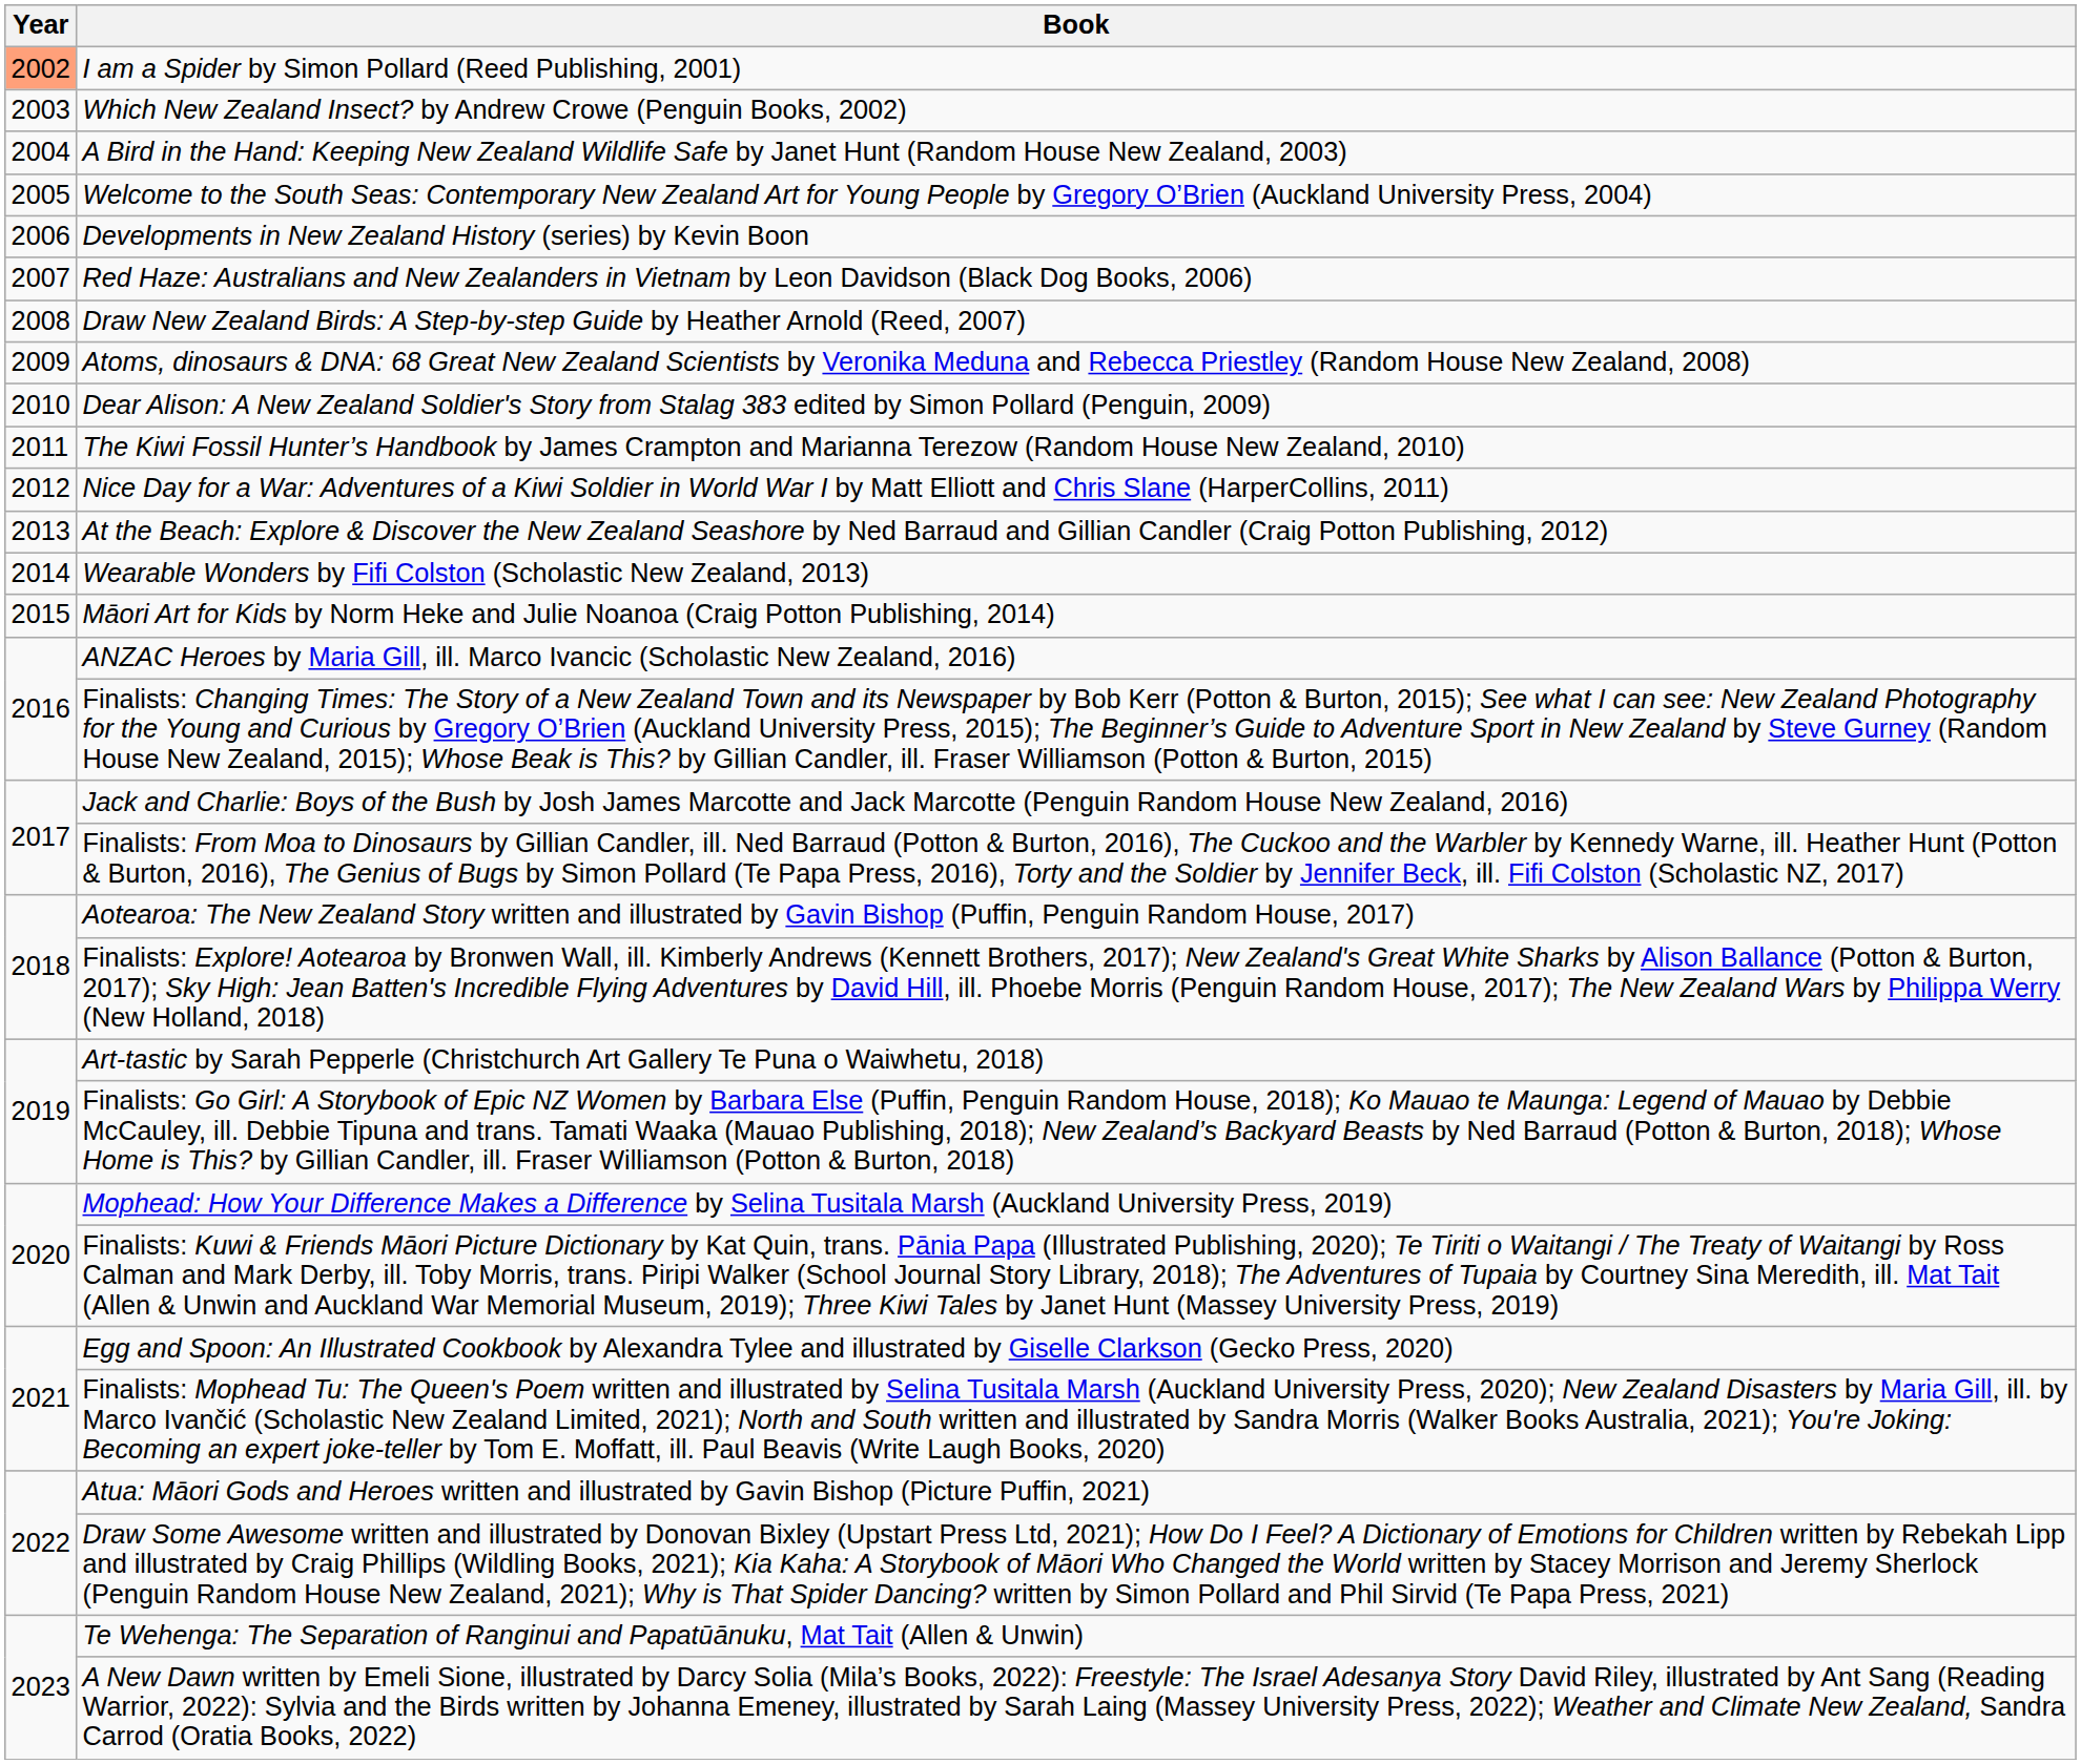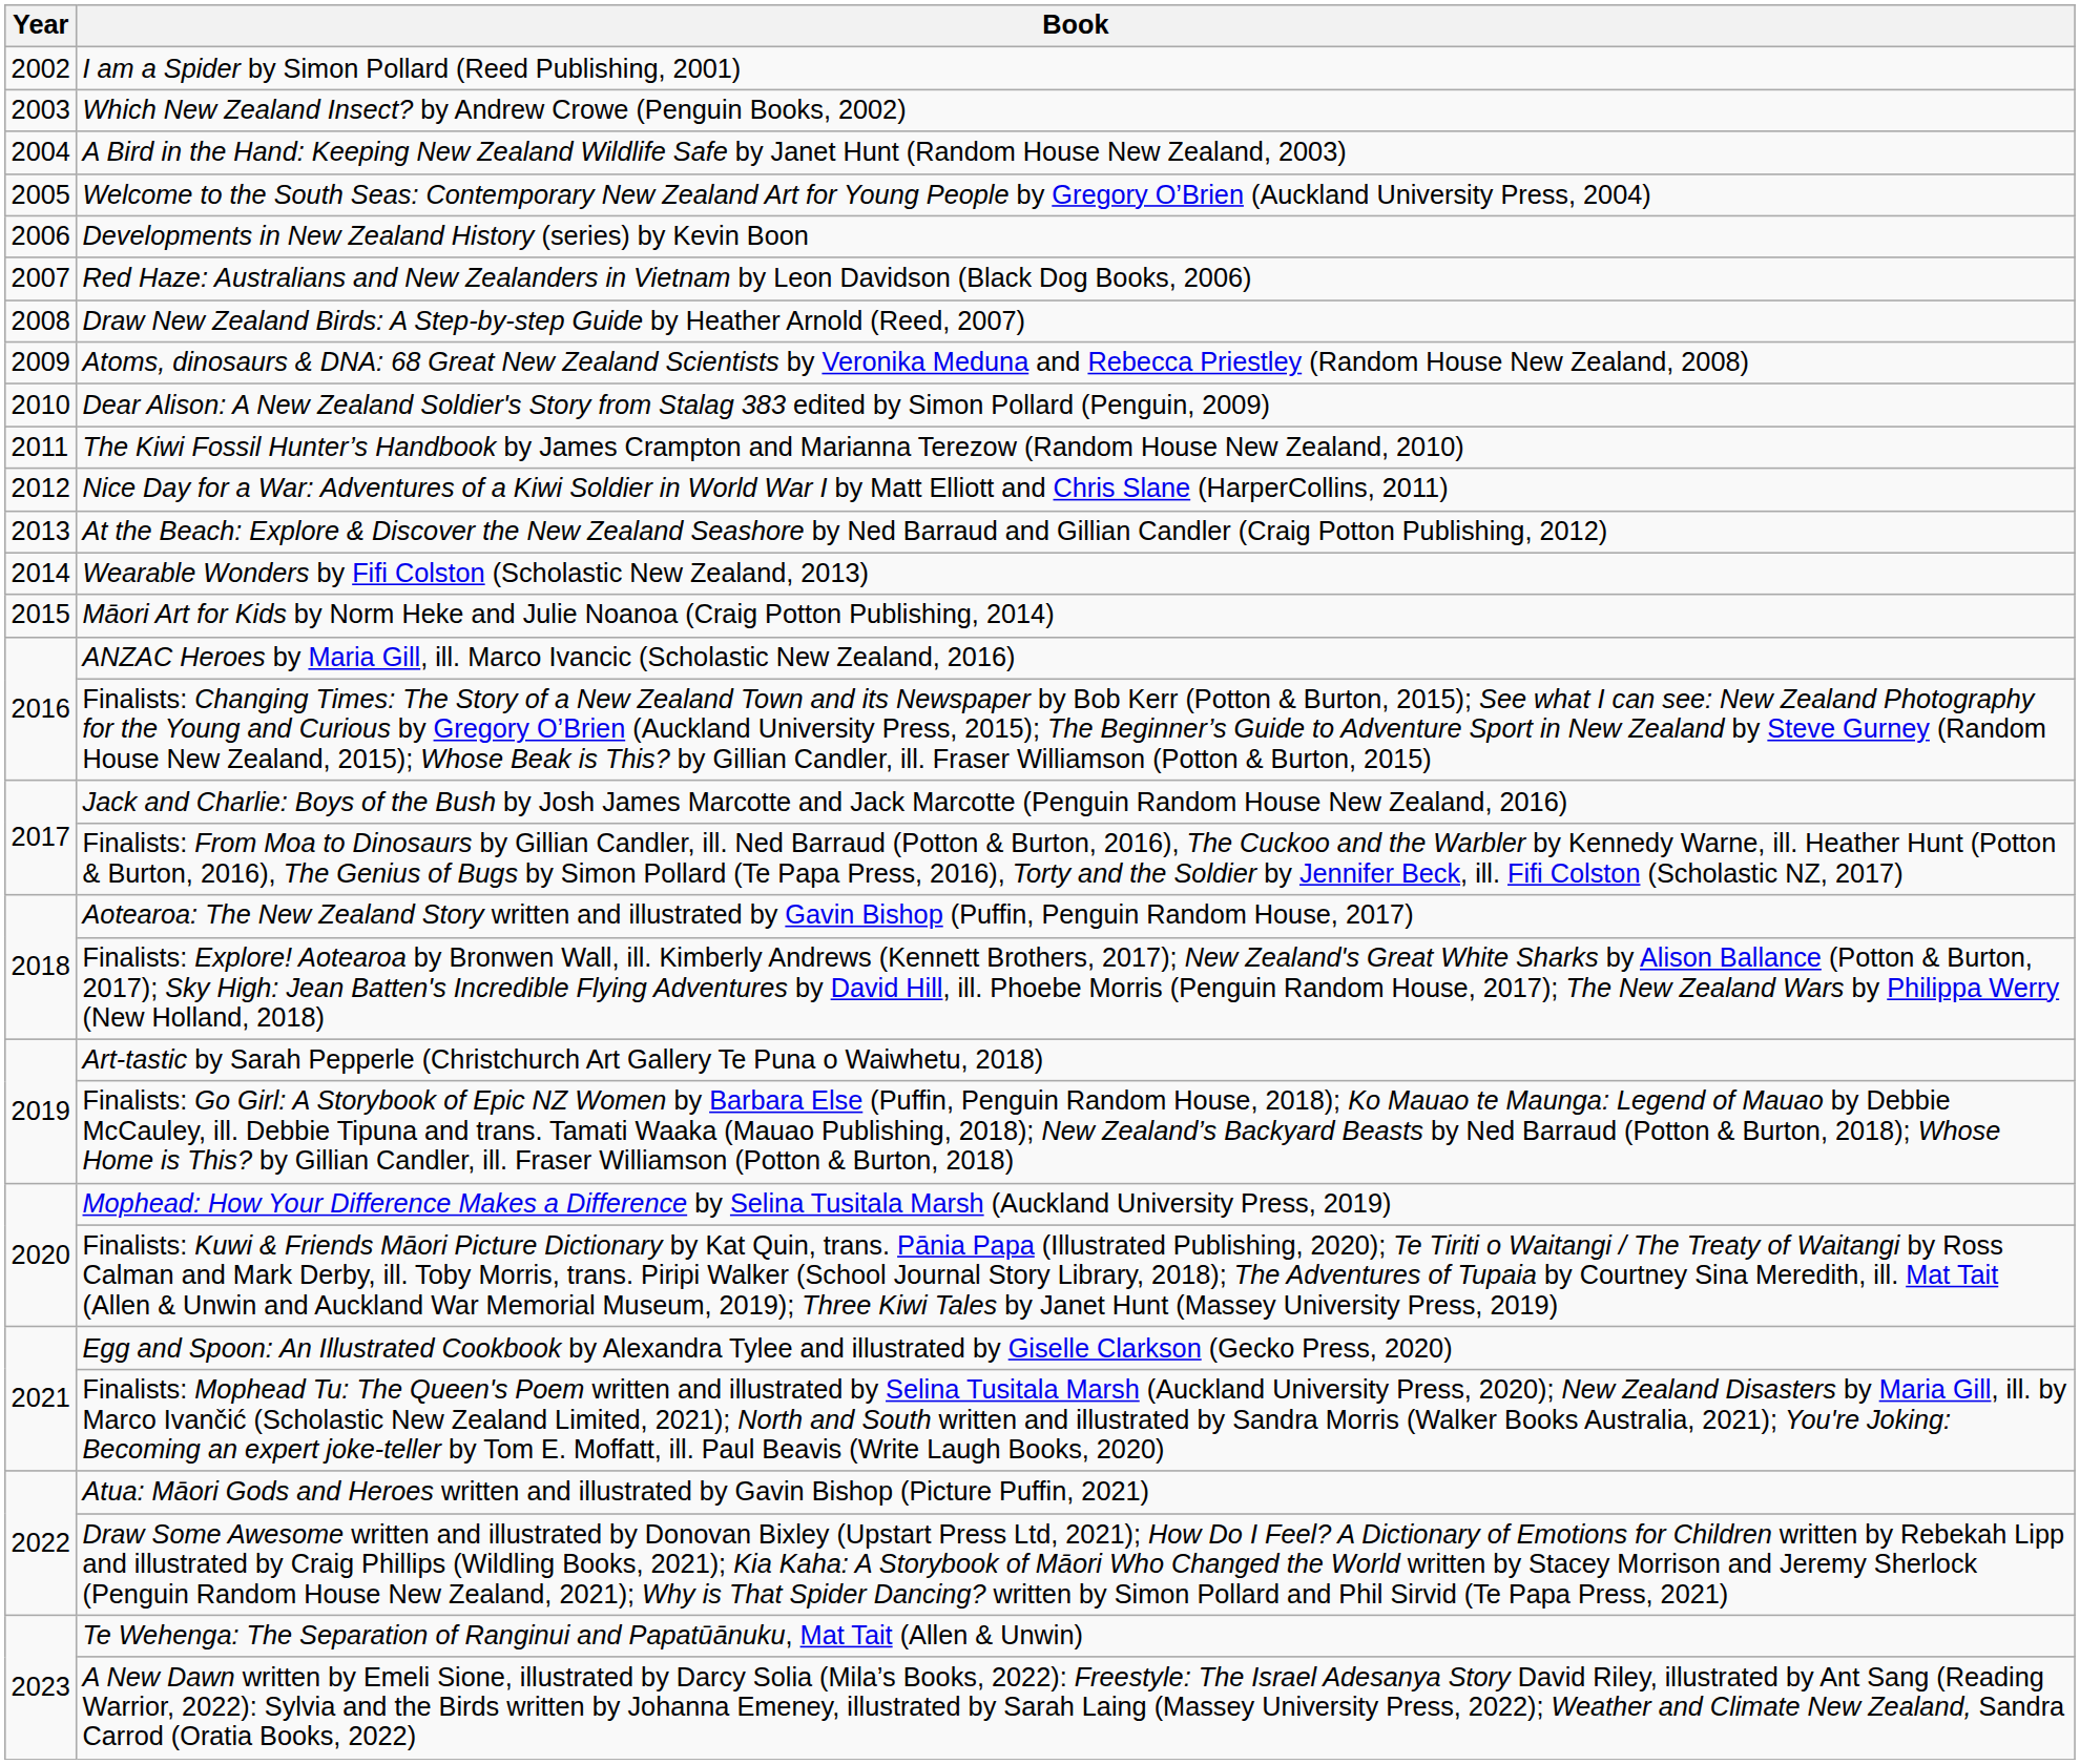 <table class="wikitable">
 <tr>
 <th>Year</th>
 <th>Book</th>
 </tr>
 <tr>
-<td style="background: lightsalmon;">2002</td>
+<td>2002</td>
 <td><em>I am a Spider</em> by Simon Pollard (Reed Publishing, 2001)</td>
 </tr>
 <tr>
 <td>2003</td>
 <td><em>Which New Zealand Insect?</em> by Andrew Crowe (Penguin Books, 2002)</td>
 </tr>
 <tr>
 <td>2004</td>
 <td><em>A Bird in the Hand: Keeping New Zealand Wildlife Safe</em> by Janet Hunt (Random House New Zealand, 2003)</td>
 </tr>
 <tr>
 <td>2005</td>
 <td><em>Welcome to the South Seas: Contemporary New Zealand Art for Young People</em> by <a href='#'>Gregory O’Brien</a> (Auckland University Press, 2004)</td>
 </tr>
 <tr>
 <td>2006</td>
 <td><em>Developments in New Zealand History</em> (series) by Kevin Boon</td>
 </tr>
 <tr>
 <td>2007</td>
 <td><em>Red Haze: Australians and New Zealanders in Vietnam</em> by Leon Davidson (Black Dog Books, 2006)</td>
 </tr>
 <tr>
 <td>2008</td>
 <td><em>Draw New Zealand Birds: A Step-by-step Guide</em> by Heather Arnold (Reed, 2007)</td>
 </tr>
 <tr>
 <td>2009</td>
 <td><em>Atoms, dinosaurs & DNA: 68 Great New Zealand Scientists</em> by <a href='#'>Veronika Meduna</a> and <a href='#'>Rebecca Priestley</a> (Random House New Zealand, 2008)</td>
 </tr>
 <tr>
 <td>2010</td>
 <td><em>Dear Alison: A New Zealand Soldier's Story from Stalag 383</em> edited by Simon Pollard (Penguin, 2009)</td>
 </tr>
 <tr>
 <td>2011</td>
 <td><em>The Kiwi Fossil Hunter’s Handbook</em> by James Crampton and Marianna Terezow (Random House New Zealand, 2010)</td>
 </tr>
 <tr>
 <td>2012</td>
 <td><em>Nice Day for a War: Adventures of a Kiwi Soldier in World War I</em> by Matt Elliott and <a href='#'>Chris Slane</a> (HarperCollins, 2011)</td>
 </tr>
 <tr>
 <td>2013</td>
 <td><em>At the Beach: Explore & Discover the New Zealand Seashore</em> by Ned Barraud and Gillian Candler (Craig Potton Publishing, 2012)</td>
 </tr>
 <tr>
 <td>2014</td>
 <td><em>Wearable Wonders</em> by <a href='#'>Fifi Colston</a> (Scholastic New Zealand, 2013)</td>
 </tr>
 <tr>
 <td>2015</td>
 <td><em>Māori Art for Kids</em> by Norm Heke and Julie Noanoa (Craig Potton Publishing, 2014)</td>
 </tr>
 <tr>
 <td rowspan=2>2016</td>
 <td><em>ANZAC Heroes</em> by <a href='#'>Maria Gill</a>, ill. Marco Ivancic (Scholastic New Zealand, 2016)</td>
 </tr>
 <tr>
 <td>Finalists: <em>Changing Times: The Story of a New Zealand Town and its Newspaper</em> by Bob Kerr (Potton & Burton, 2015); <em>See what I can see: New Zealand Photography for the Young and Curious</em> by <a href='#'>Gregory O’Brien</a> (Auckland University Press, 2015); <em>The Beginner’s Guide to Adventure Sport in New Zealand</em> by <a href='#'>Steve Gurney</a> (Random House New Zealand, 2015); <em>Whose Beak is This?</em> by Gillian Candler, ill. Fraser Williamson (Potton & Burton, 2015)</td>
 </tr>
 <tr>
 <td rowspan=2>2017</td>
 <td><em>Jack and Charlie: Boys of the Bush</em> by Josh James Marcotte and Jack Marcotte (Penguin Random House New Zealand, 2016)</td>
 </tr>
 <tr>
 <td>Finalists: <em>From Moa to Dinosaurs</em> by Gillian Candler, ill. Ned Barraud (Potton & Burton, 2016), <em>The Cuckoo and the Warbler</em> by Kennedy Warne, ill. Heather Hunt (Potton & Burton, 2016), <em>The Genius of Bugs</em> by Simon Pollard (Te Papa Press, 2016), <em>Torty and the Soldier</em> by <a href='#'>Jennifer Beck</a>, ill. <a href='#'>Fifi Colston</a> (Scholastic NZ, 2017)</td>
 </tr>
 <tr>
 <td rowspan=2>2018</td>
 <td><em>Aotearoa: The New Zealand Story</em> written and illustrated by <a href='#'>Gavin Bishop</a> (Puffin, Penguin Random House, 2017)</td>
 </tr>
 <tr>
 <td>Finalists: <em>Explore! Aotearoa</em> by Bronwen Wall, ill. Kimberly Andrews (Kennett Brothers, 2017); <em>New Zealand's Great White Sharks</em> by <a href='#'>Alison Ballance</a> (Potton & Burton, 2017); <em>Sky High: Jean Batten's Incredible Flying Adventures</em> by <a href='#'>David Hill</a>, ill. Phoebe Morris (Penguin Random House, 2017); <em>The New Zealand Wars</em> by <a href='#'>Philippa Werry</a> (New Holland, 2018)</td>
 </tr>
 <tr>
 <td rowspan=2>2019</td>
 <td><em>Art-tastic</em> by Sarah Pepperle (Christchurch Art Gallery Te Puna o Waiwhetu, 2018)</td>
 </tr>
 <tr>
 <td>Finalists: <em>Go Girl: A Storybook of Epic NZ Women</em> by <a href='#'>Barbara Else</a> (Puffin, Penguin Random House, 2018); <em>Ko Mauao te Maunga: Legend of Mauao</em> by Debbie McCauley, ill. Debbie Tipuna and trans. Tamati Waaka (Mauao Publishing, 2018); <em>New Zealand’s Backyard Beasts</em> by Ned Barraud (Potton & Burton, 2018); <em>Whose Home is This?</em> by Gillian Candler, ill. Fraser Williamson (Potton & Burton, 2018)</td>
 </tr>
 <tr>
 <td rowspan="2">2020</td>
 <td><em><a href='#'>Mophead: How Your Difference Makes a Difference</a></em> by <a href='#'>Selina Tusitala Marsh</a> (Auckland University Press, 2019)</td>
 </tr>
 <tr>
 <td>Finalists: <em>Kuwi & Friends Māori Picture Dictionary</em> by Kat Quin, trans. <a href='#'>Pānia Papa</a> (Illustrated Publishing, 2020); <em>Te Tiriti o Waitangi / The Treaty of Waitangi</em> by Ross Calman and Mark Derby, ill. Toby Morris, trans. Piripi Walker (School Journal Story Library, 2018); <em>The Adventures of Tupaia</em> by Courtney Sina Meredith, ill. <a href='#'>Mat Tait</a> (Allen & Unwin and Auckland War Memorial Museum, 2019); <em>Three Kiwi Tales</em> by Janet Hunt (Massey University Press, 2019)</td>
 </tr>
 <tr>
 <td rowspan="2">2021</td>
 <td><em>Egg and Spoon: An Illustrated Cookbook</em> by Alexandra Tylee and illustrated by <a href='#'>Giselle Clarkson</a> (Gecko Press, 2020)</td>
 </tr>
 <tr>
 <td>Finalists: <em>Mophead Tu: The Queen's Poem</em> written and illustrated by <a href='#'>Selina Tusitala Marsh</a> (Auckland University Press, 2020); <em>New Zealand Disasters</em> by <a href='#'>Maria Gill</a>, ill. by Marco Ivančić (Scholastic New Zealand Limited, 2021); <em>North and South</em> written and illustrated by Sandra Morris (Walker Books Australia, 2021); <em>You're Joking: Becoming an expert joke-teller</em> by Tom E. Moffatt, ill. Paul Beavis (Write Laugh Books, 2020)</td>
 </tr>
 <tr>
 <td rowspan="2">2022</td>
 <td><em>Atua: Māori Gods and Heroes</em> written and illustrated by Gavin Bishop (Picture Puffin, 2021)</td>
 </tr>
 <tr>
 <td><em>Draw Some Awesome</em> written and illustrated by Donovan Bixley (Upstart Press Ltd, 2021); <em>How Do I Feel? A Dictionary of Emotions for Children</em> written by Rebekah Lipp and illustrated by Craig Phillips (Wildling Books, 2021); <em>Kia Kaha: A Storybook of Māori Who Changed the World</em> written by Stacey Morrison and Jeremy Sherlock (Penguin Random House New Zealand, 2021); <em>Why is That Spider Dancing?</em> written by Simon Pollard and Phil Sirvid (Te Papa Press, 2021)</td>
 </tr>
 <tr>
 <td rowspan="2">2023</td>
 <td><em>Te Wehenga: The Separation of Ranginui and Papatūānuku</em>, <a href='#'>Mat Tait</a> (Allen & Unwin)</td>
 </tr>
 <tr>
 <td><em>A New Dawn</em> written by Emeli Sione, illustrated by Darcy Solia (Mila’s Books, 2022): <em>Freestyle: The Israel Adesanya Story</em> David Riley, illustrated by Ant Sang (Reading Warrior, 2022): Sylvia and the Birds written by Johanna Emeney, illustrated by Sarah Laing (Massey University Press, 2022); <em>Weather and Climate New Zealand,</em> Sandra Carrod (Oratia Books, 2022)</td>
 </tr>
 </table>
